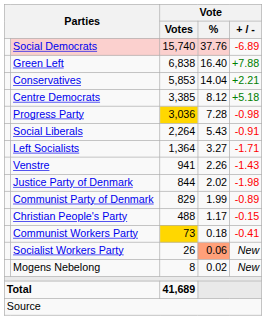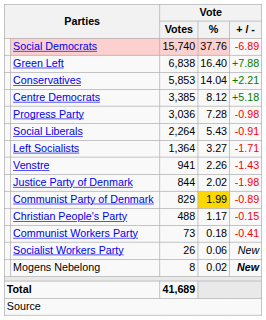 <table class="wikitable" style="text-align:right;">
 <tr>
 <th style="text-align:centre;" rowspan="2" colspan="2" width="225">Parties</th>
 <th colspan="3">Vote</th>
 </tr>
 <tr>
 <th width="15">Votes</th>
 <th width="15">%</th>
 <th width="15">+ / -</th>
 </tr>
 <tr>
 <td width="2" style="color:inherit;background:"></td>
 <td bgcolor=#fbd0ce  align="left"><a href='#'>Social Democrats</a></td>
 <td bgcolor=#fbd0ce>15,740</td>
 <td bgcolor=#fbd0ce>37.76</td>
 <td style=color:red;>-6.89</td>
 </tr>
 <tr>
 <td width="2" style="color:inherit;background:"></td>
 <td align="left"><a href='#'>Green Left</a></td>
 <td>6,838</td>
 <td>16.40</td>
 <td style=color:green;>+7.88</td>
 </tr>
 <tr>
 <td width="2" style="color:inherit;background:"></td>
 <td align="left"><a href='#'>Conservatives</a></td>
 <td>5,853</td>
 <td>14.04</td>
 <td style=color:green;>+2.21</td>
 </tr>
 <tr>
 <td width="2" style="color:inherit;background:"></td>
 <td align="left"><a href='#'>Centre Democrats</a></td>
 <td>3,385</td>
 <td>8.12</td>
 <td style=color:green;>+5.18</td>
 </tr>
 <tr>
 <td width="2" style="color:inherit;background:"></td>
 <td align="left"><a href='#'>Progress Party</a></td>
-<td style="background: gold;">3,036</td>
+<td>3,036</td>
 <td>7.28</td>
 <td style=color:red;>-0.98</td>
 </tr>
 <tr>
 <td width="2" style="color:inherit;background:"></td>
 <td align="left"><a href='#'>Social Liberals</a></td>
 <td>2,264</td>
 <td>5.43</td>
 <td style=color:red;>-0.91</td>
 </tr>
 <tr>
 <td width="2" style="color:inherit;background:"></td>
 <td align="left"><a href='#'>Left Socialists</a></td>
 <td>1,364</td>
 <td>3.27</td>
 <td style=color:red;>-1.71</td>
 </tr>
 <tr>
 <td width="2" style="color:inherit;background:"></td>
 <td align="left"><a href='#'>Venstre</a></td>
 <td>941</td>
 <td>2.26</td>
 <td style=color:red;>-1.43</td>
 </tr>
 <tr>
 <td width="2" style="color:inherit;background:"></td>
 <td align="left"><a href='#'>Justice Party of Denmark</a></td>
 <td>844</td>
 <td>2.02</td>
 <td style=color:red;>-1.98</td>
 </tr>
 <tr>
 <td width="2" style="color:inherit;background:"></td>
 <td align="left"><a href='#'>Communist Party of Denmark</a></td>
 <td>829</td>
-<td>1.99</td>
+<td style="background: gold;">1.99</td>
 <td style=color:red;>-0.89</td>
 </tr>
 <tr>
 <td width="2" style="color:inherit;background:"></td>
 <td align="left"><a href='#'>Christian People's Party</a></td>
 <td>488</td>
 <td>1.17</td>
 <td style=color:red;>-0.15</td>
 </tr>
 <tr>
 <td width="2" style="color:inherit;background:"></td>
 <td align="left"><a href='#'>Communist Workers Party</a></td>
-<td style="background: gold;">73</td>
+<td>73</td>
 <td>0.18</td>
 <td style=color:red;>-0.41</td>
 </tr>
 <tr>
 <td width="2" style="color:inherit;background:"></td>
 <td align="left"><a href='#'>Socialist Workers Party</a></td>
 <td>26</td>
-<td style="background: lightsalmon;">0.06</td>
+<td>0.06</td>
 <td><em>New</em></td>
 </tr>
 <tr>
 <td width="2" style="color:inherit;background:"></td>
 <td align="left">Mogens Nebelong</td>
 <td>8</td>
 <td>0.02</td>
-<td><em>New</em></td>
+<td><strong><em>New</em></strong></td>
 </tr>
 <tr>
 <td colspan="7" bgcolor="#E9E9E9"></td>
 </tr>
 <tr>
 <td align="left" colspan="2"><strong>Total</strong></td>
 <td><strong>41,689</strong></td>
 <td bgcolor="#E9E9E9" colspan="2"></td>
 </tr>
 <tr>
 <td align="left" colspan="6">Source</td>
 </tr>
 </table>
